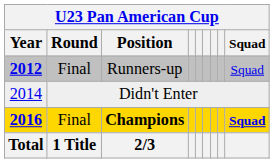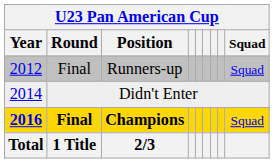 <table class="wikitable" style="text-align: center;">
 <tr>
 <th colspan=9><a href='#'>U23 Pan American Cup</a></th>
 </tr>
 <tr>
 <th>Year</th>
 <th>Round</th>
 <th>Position</th>
 <th></th>
 <th></th>
 <th></th>
 <th></th>
 <th></th>
 <th><small>Squad</small></th>
 </tr>
 <tr bgcolor=silver>
-<td><strong> <a href='#'>2012</a></strong></td>
+<td> <a href='#'>2012</a></td>
 <td>Final</td>
 <td>Runners-up</td>
 <td></td>
 <td></td>
 <td></td>
 <td></td>
 <td></td>
 <td><small><a href='#'>Squad</a></small></td>
 </tr>
 <tr bgcolor="efefef">
 <td> <a href='#'>2014</a></td>
 <td colspan=9>Didn't Enter</td>
 </tr>
 <tr bgcolor=gold>
 <td><strong> <a href='#'>2016</a></strong></td>
-<td>Final</td>
+<td><strong>Final</strong></td>
 <td><strong>Champions</strong></td>
 <td></td>
 <td></td>
 <td></td>
 <td></td>
 <td></td>
-<td><strong><small><a href='#'>Squad</a></small></strong></td>
+<td><small><a href='#'>Squad</a></small></td>
 </tr>
 <tr>
 <th>Total</th>
 <th>1 Title</th>
 <th>2/3</th>
 <th></th>
 <th></th>
 <th></th>
 <th></th>
 <th></th>
 <th></th>
 </tr>
 </table>
